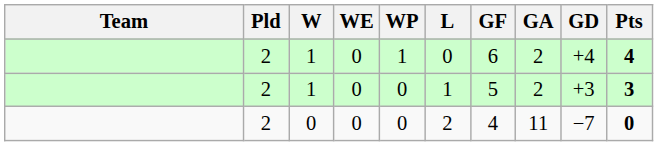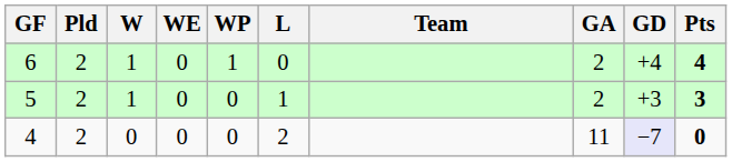 <table class="wikitable" style="text-align: center; font-size:90% ">
 <tr>
-<th width=160>Team</th>
+<th width=25>GF</th>
 <th width=25>Pld</th>
 <th width=25>W</th>
 <th width=25>WE</th>
 <th width=25>WP</th>
 <th width=25>L</th>
-<th width=25>GF</th>
+<th width=160>Team</th>
 <th width=25>GA</th>
 <th width=25>GD</th>
 <th width=25>Pts</th>
 </tr>
 <tr bgcolor=ccffcc>
-<td align=left></td>
+<td>6</td>
 <td>2</td>
 <td>1</td>
 <td>0</td>
 <td>1</td>
 <td>0</td>
-<td>6</td>
+<td align=left></td>
 <td>2</td>
 <td>+4</td>
 <td><strong>4</strong></td>
 </tr>
 <tr bgcolor=ccffcc>
-<td align=left></td>
+<td>5</td>
 <td>2</td>
 <td>1</td>
 <td>0</td>
 <td>0</td>
 <td>1</td>
-<td>5</td>
+<td align=left></td>
 <td>2</td>
 <td>+3</td>
 <td><strong>3</strong></td>
 </tr>
 <tr>
-<td align=left></td>
+<td>4</td>
 <td>2</td>
 <td>0</td>
 <td>0</td>
 <td>0</td>
 <td>2</td>
-<td>4</td>
+<td align=left></td>
 <td>11</td>
-<td>−7</td>
+<td style="background: lavender;">−7</td>
 <td><strong>0</strong></td>
 </tr>
 </table>
